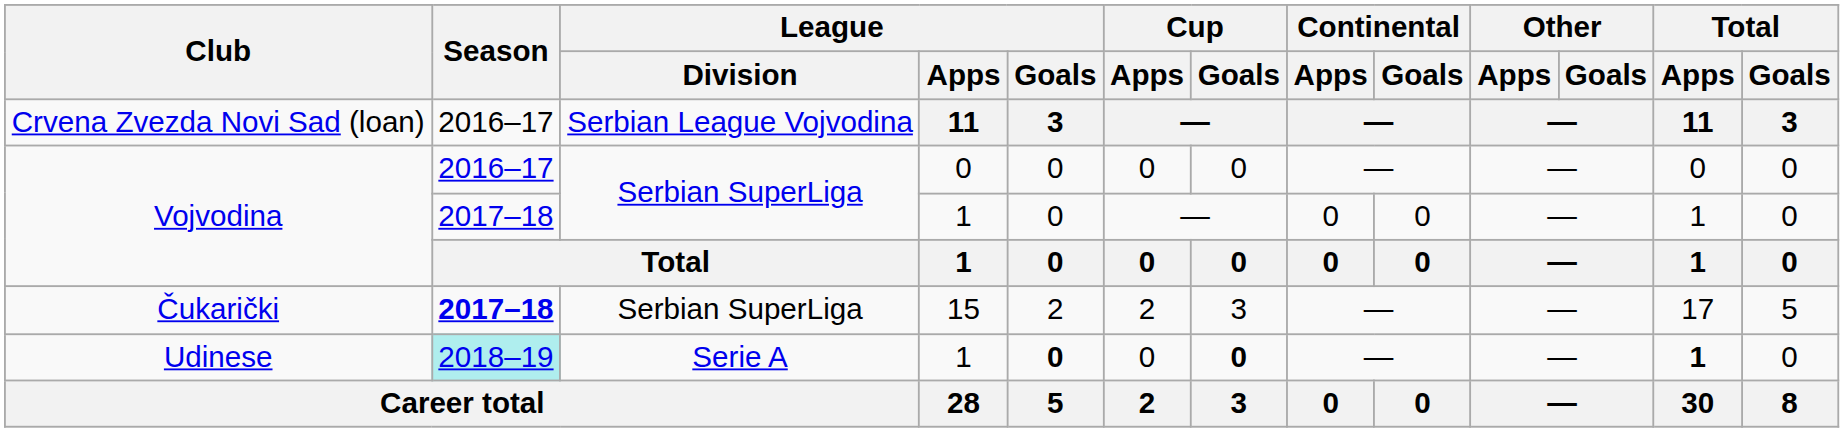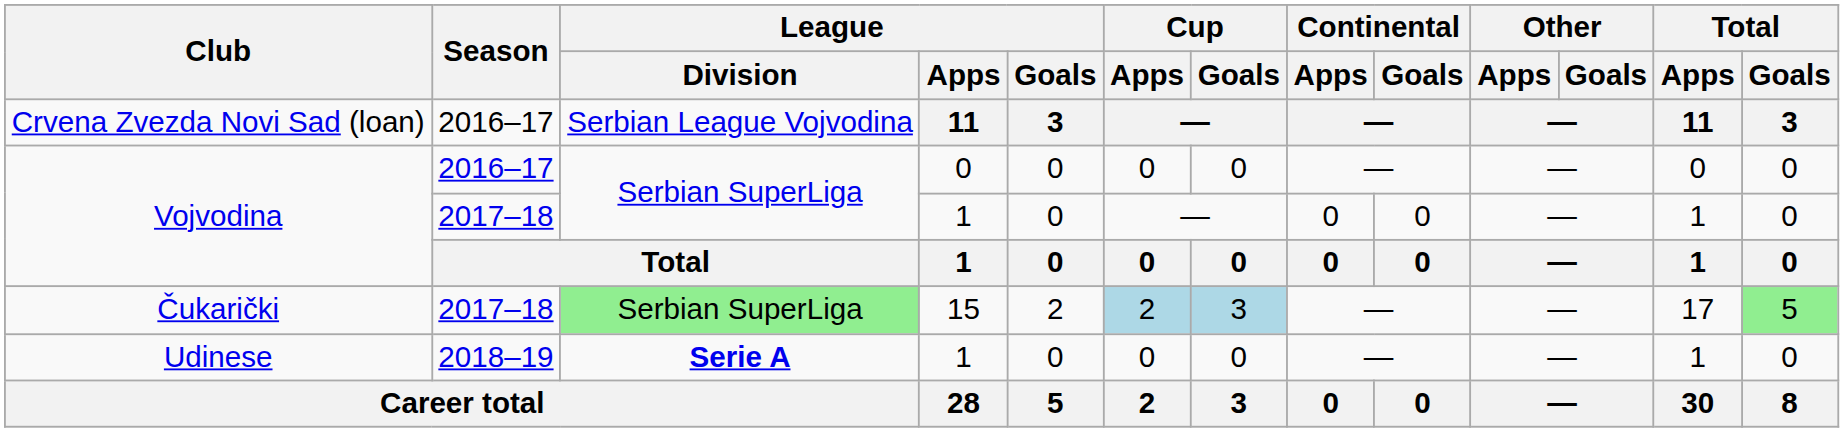 <table class="wikitable" style="text-align:center">
 <tr>
 <th rowspan="2">Club</th>
 <th rowspan="2">Season</th>
 <th colspan="3">League</th>
 <th colspan="2">Cup</th>
 <th colspan="2">Continental</th>
 <th colspan="2">Other</th>
 <th colspan="2">Total</th>
 </tr>
 <tr>
 <th>Division</th>
 <th>Apps</th>
 <th>Goals</th>
 <th>Apps</th>
 <th>Goals</th>
 <th>Apps</th>
 <th>Goals</th>
 <th>Apps</th>
 <th>Goals</th>
 <th>Apps</th>
 <th>Goals</th>
 </tr>
 <tr>
 <td><a href='#'>Crvena Zvezda Novi Sad</a> (loan)</td>
 <td>2016–17</td>
 <td><a href='#'>Serbian League Vojvodina</a></td>
 <th>11</th>
 <th>3</th>
 <th colspan="2">—</th>
 <th colspan="2">—</th>
 <th colspan="2">—</th>
 <th>11</th>
 <th>3</th>
 </tr>
 <tr>
 <td rowspan="3"><a href='#'>Vojvodina</a></td>
 <td><a href='#'>2016–17</a></td>
 <td rowspan="2"><a href='#'>Serbian SuperLiga</a></td>
 <td>0</td>
 <td>0</td>
 <td>0</td>
 <td>0</td>
 <td colspan="2">—</td>
 <td colspan="2">—</td>
 <td>0</td>
 <td>0</td>
 </tr>
 <tr>
 <td><a href='#'>2017–18</a></td>
 <td>1</td>
 <td>0</td>
 <td colspan="2">—</td>
 <td>0</td>
 <td>0</td>
 <td colspan="2">—</td>
 <td>1</td>
 <td>0</td>
 </tr>
 <tr>
 <th colspan="2">Total</th>
 <th>1</th>
 <th>0</th>
 <th>0</th>
 <th>0</th>
 <th>0</th>
 <th>0</th>
 <th colspan="2">—</th>
 <th>1</th>
 <th>0</th>
 </tr>
 <tr>
 <td><a href='#'>Čukarički</a></td>
-<td><strong><a href='#'>2017–18</a></strong></td>
-<td>Serbian SuperLiga</td>
+<td><a href='#'>2017–18</a></td>
+<td style="background: lightgreen;">Serbian SuperLiga</td>
 <td>15</td>
 <td>2</td>
-<td>2</td>
-<td>3</td>
+<td style="background: lightblue;">2</td>
+<td style="background: lightblue;">3</td>
 <td colspan="2">—</td>
 <td colspan="2">—</td>
 <td>17</td>
-<td>5</td>
+<td style="background: lightgreen;">5</td>
 </tr>
 <tr>
 <td><a href='#'>Udinese</a></td>
-<td style="background: paleturquoise;"><a href='#'>2018–19</a></td>
-<td><a href='#'>Serie A</a></td>
+<td><a href='#'>2018–19</a></td>
+<td><strong><a href='#'>Serie A</a></strong></td>
 <td>1</td>
-<td><strong>0</strong></td>
 <td>0</td>
-<td><strong>0</strong></td>
+<td>0</td>
+<td>0</td>
 <td colspan="2">—</td>
 <td colspan="2">—</td>
-<td><strong>1</strong></td>
+<td>1</td>
 <td>0</td>
 </tr>
 <tr>
 <th colspan="3">Career total</th>
 <th>28</th>
 <th>5</th>
 <th>2</th>
 <th>3</th>
 <th>0</th>
 <th>0</th>
 <th colspan="2">—</th>
 <th>30</th>
 <th>8</th>
 </tr>
 </table>
